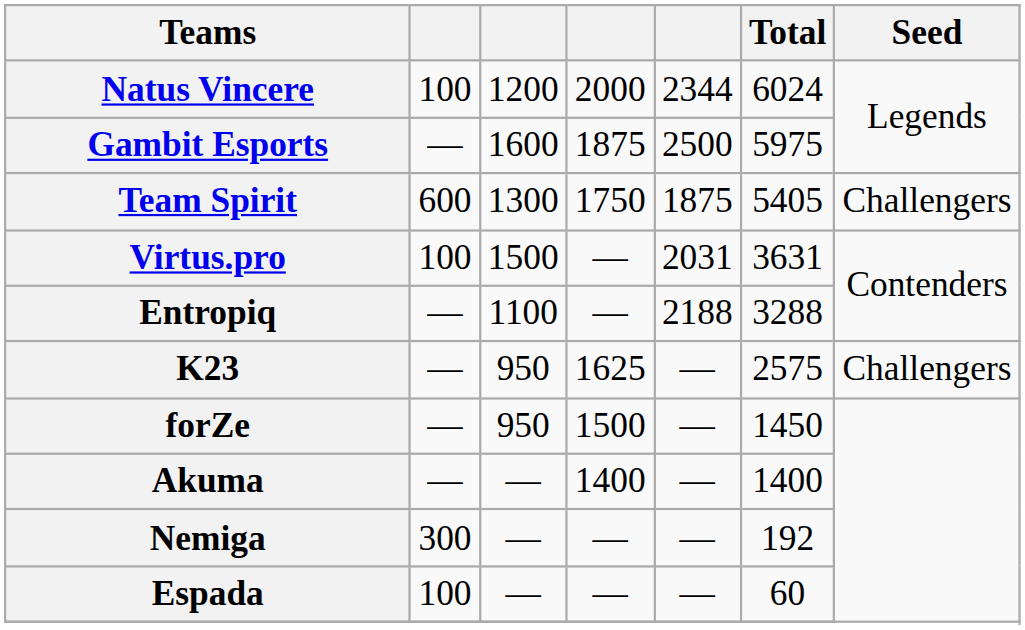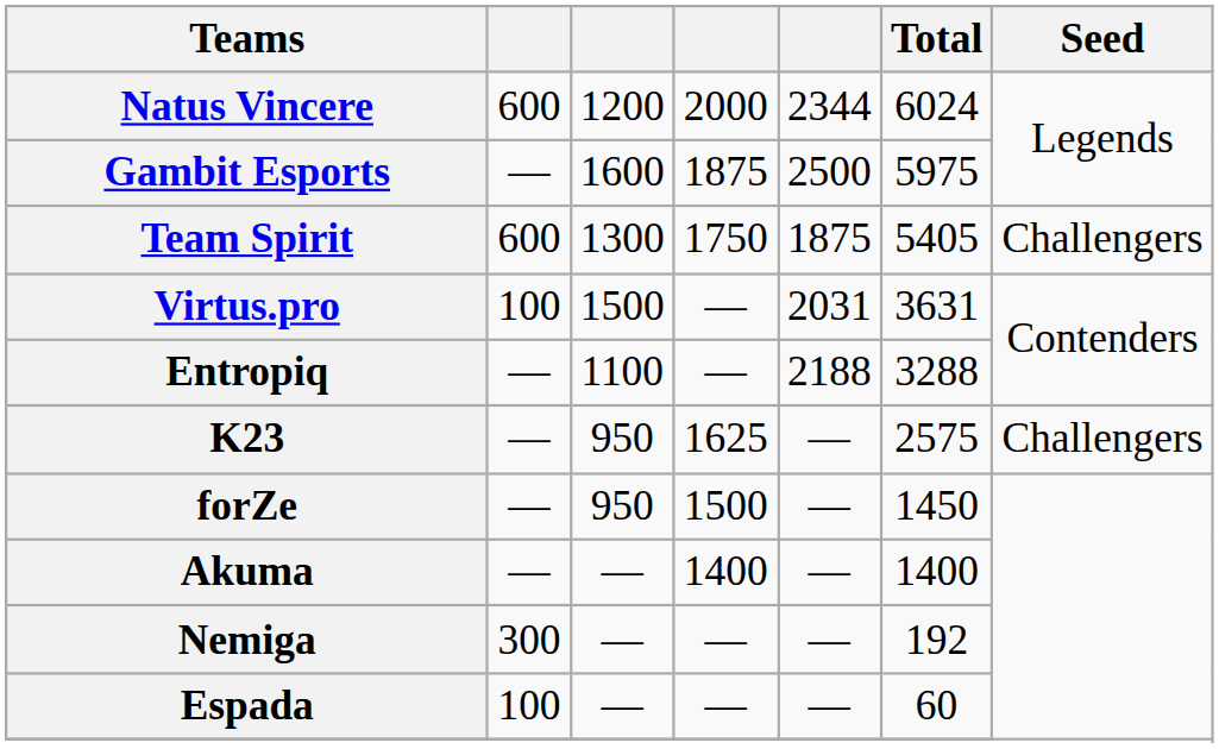 <table class="wikitable plainrowheaders" style="text-align:center;">
 <tr>
 <th scope="col" style="width:11em;">Teams</th>
 <th scope="col"></th>
 <th scope="col"></th>
 <th scope="col"></th>
 <th scope="col"></th>
 <th scope="col">Total</th>
 <th scope="col">Seed</th>
 </tr>
 <tr>
 <th scope="row"><a href='#'>Natus Vincere</a></th>
-<td>100</td>
+<td>600</td>
 <td>1200</td>
 <td>2000</td>
 <td>2344</td>
 <td>6024</td>
 <td rowspan="2">Legends</td>
 </tr>
 <tr>
 <th scope="row"><a href='#'>Gambit Esports</a></th>
 <td>—</td>
 <td>1600</td>
 <td>1875</td>
 <td>2500</td>
 <td>5975</td>
 </tr>
 <tr>
 <th scope="row"><a href='#'>Team Spirit</a></th>
 <td>600</td>
 <td>1300</td>
 <td>1750</td>
 <td>1875</td>
 <td>5405</td>
 <td>Challengers</td>
 </tr>
 <tr>
 <th scope="row"><a href='#'>Virtus.pro</a></th>
 <td>100</td>
 <td>1500</td>
 <td>—</td>
 <td>2031</td>
 <td>3631</td>
 <td rowspan="2">Contenders</td>
 </tr>
 <tr>
 <th scope="row">Entropiq</th>
 <td>—</td>
 <td>1100</td>
 <td>—</td>
 <td>2188</td>
 <td>3288</td>
 </tr>
 <tr>
 <th scope="row">K23</th>
 <td>—</td>
 <td>950</td>
 <td>1625</td>
 <td>—</td>
 <td>2575</td>
 <td>Challengers</td>
 </tr>
 <tr>
 <th scope="row">forZe</th>
 <td>—</td>
 <td>950</td>
 <td>1500</td>
 <td>—</td>
 <td>1450</td>
 </tr>
 <tr>
 <th scope="row">Akuma</th>
 <td>—</td>
 <td>—</td>
 <td>1400</td>
 <td>—</td>
 <td>1400</td>
 </tr>
 <tr>
 <th scope="row">Nemiga</th>
 <td>300</td>
 <td>—</td>
 <td>—</td>
 <td>—</td>
 <td>192</td>
 </tr>
 <tr>
 <th scope="row">Espada</th>
 <td>100</td>
 <td>—</td>
 <td>—</td>
 <td>—</td>
 <td>60</td>
 </tr>
 <tr>
 </tr>
 </table>
